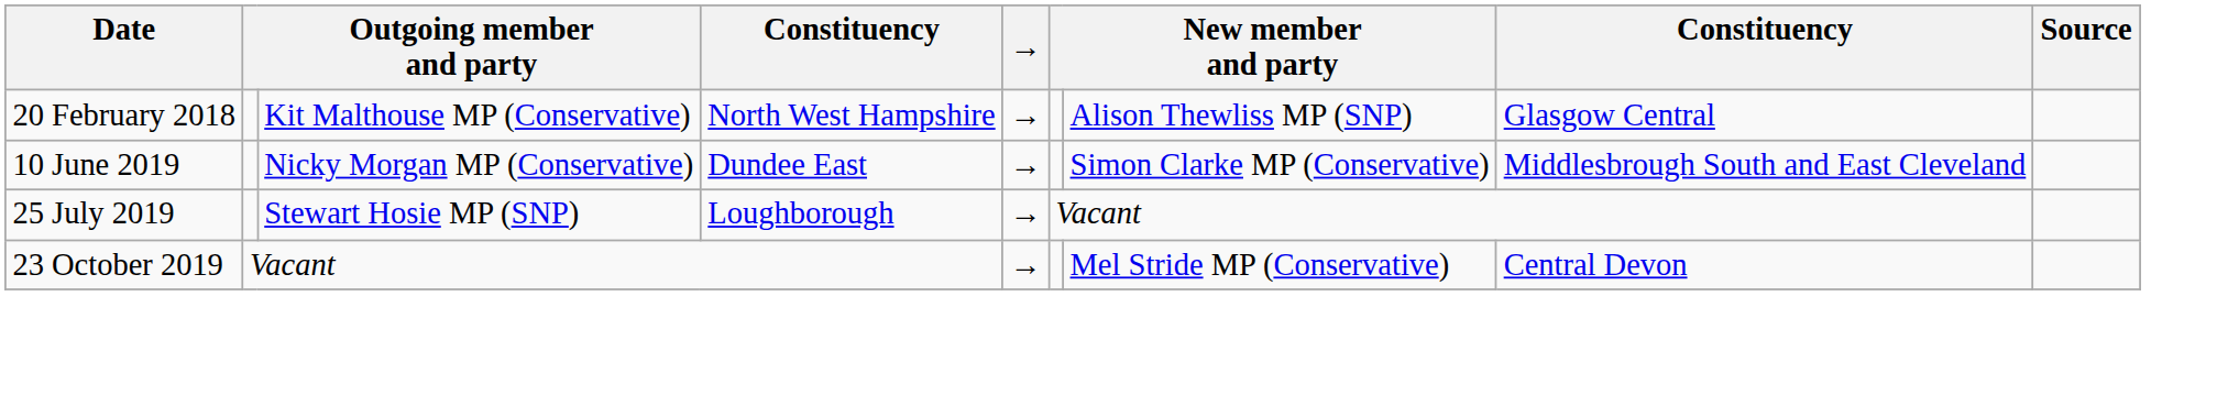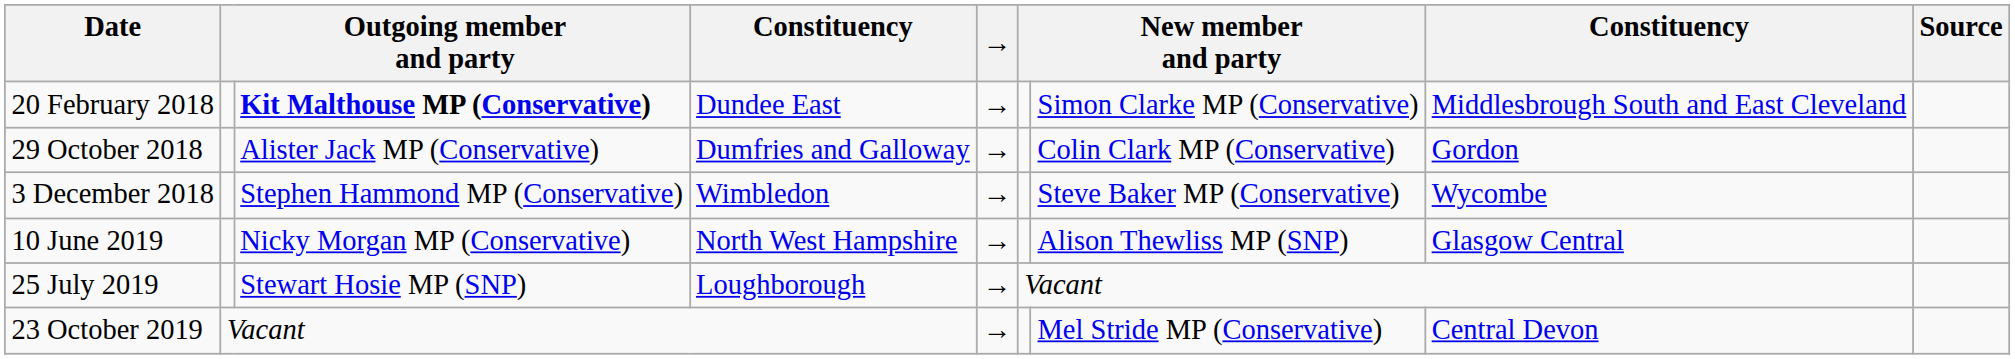 <table class="wikitable">
 <tr>
 <th valign="top">Date</th>
 <th colspan="2" valign="top">Outgoing member<br>and party</th>
 <th valign="top">Constituency</th>
 <th>→</th>
 <th colspan="2" valign="top">New member<br>and party</th>
 <th valign="top">Constituency</th>
 <th valign="top">Source</th>
 </tr>
 <tr>
 <td nowrap>20 February 2018</td>
 <td style="color:inherit;background:"></td>
-<td><a href='#'>Kit Malthouse</a> MP (<a href='#'>Conservative</a>)</td>
-<td><a href='#'>North West Hampshire</a></td>
+<td><strong><a href='#'>Kit Malthouse</a> MP (<a href='#'>Conservative</a>)</strong></td>
+<td><a href='#'>Dundee East</a></td>
 <td>→</td>
 <td style="color:inherit;background:"></td>
-<td><a href='#'>Alison Thewliss</a> MP (<a href='#'>SNP</a>)</td>
-<td><a href='#'>Glasgow Central</a></td>
+<td><a href='#'>Simon Clarke</a> MP (<a href='#'>Conservative</a>)</td>
+<td><a href='#'>Middlesbrough South and East Cleveland</a></td>
+<td></td>
+</tr>
+<tr>
+<td nowrap>29 October 2018</td>
+<td style="color:inherit;background:"></td>
+<td><a href='#'>Alister Jack</a> MP (<a href='#'>Conservative</a>)</td>
+<td><a href='#'>Dumfries and Galloway</a></td>
+<td>→</td>
+<td style="color:inherit;background:"></td>
+<td><a href='#'>Colin Clark</a> MP (<a href='#'>Conservative</a>)</td>
+<td><a href='#'>Gordon</a></td>
+<td></td>
+</tr>
+<tr>
+<td nowrap>3 December 2018</td>
+<td style="color:inherit;background:"></td>
+<td><a href='#'>Stephen Hammond</a> MP (<a href='#'>Conservative</a>)</td>
+<td><a href='#'>Wimbledon</a></td>
+<td>→</td>
+<td style="color:inherit;background:"></td>
+<td><a href='#'>Steve Baker</a> MP (<a href='#'>Conservative</a>)</td>
+<td><a href='#'>Wycombe</a></td>
 <td></td>
 </tr>
 <tr>
 <td nowrap>10 June 2019</td>
 <td style="color:inherit;background:"></td>
 <td><a href='#'>Nicky Morgan</a> MP (<a href='#'>Conservative</a>)</td>
-<td><a href='#'>Dundee East</a></td>
+<td><a href='#'>North West Hampshire</a></td>
 <td>→</td>
 <td style="color:inherit;background:"></td>
-<td><a href='#'>Simon Clarke</a> MP (<a href='#'>Conservative</a>)</td>
-<td><a href='#'>Middlesbrough South and East Cleveland</a></td>
+<td><a href='#'>Alison Thewliss</a> MP (<a href='#'>SNP</a>)</td>
+<td><a href='#'>Glasgow Central</a></td>
 <td></td>
 </tr>
 <tr>
 <td nowrap>25 July 2019</td>
 <td style="color:inherit;background:"></td>
 <td><a href='#'>Stewart Hosie</a> MP (<a href='#'>SNP</a>)</td>
 <td><a href='#'>Loughborough</a></td>
 <td>→</td>
 <td colspan=3><em>Vacant</em></td>
 <td></td>
 </tr>
 <tr>
 <td nowrap>23 October 2019</td>
 <td colspan=3><em>Vacant</em></td>
 <td>→</td>
 <td style="color:inherit;background:"></td>
 <td><a href='#'>Mel Stride</a> MP (<a href='#'>Conservative</a>)</td>
 <td><a href='#'>Central Devon</a></td>
 <td></td>
 </tr>
 </table>
